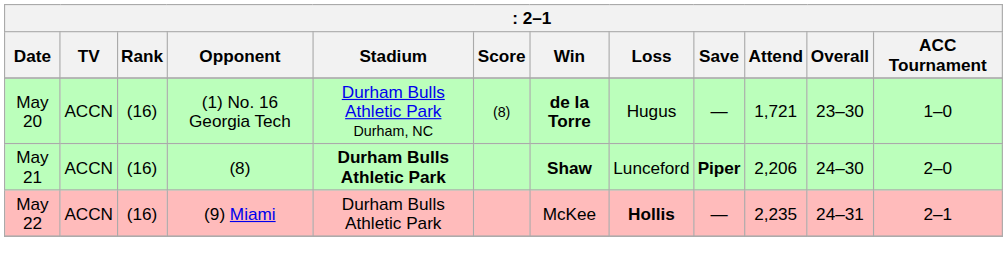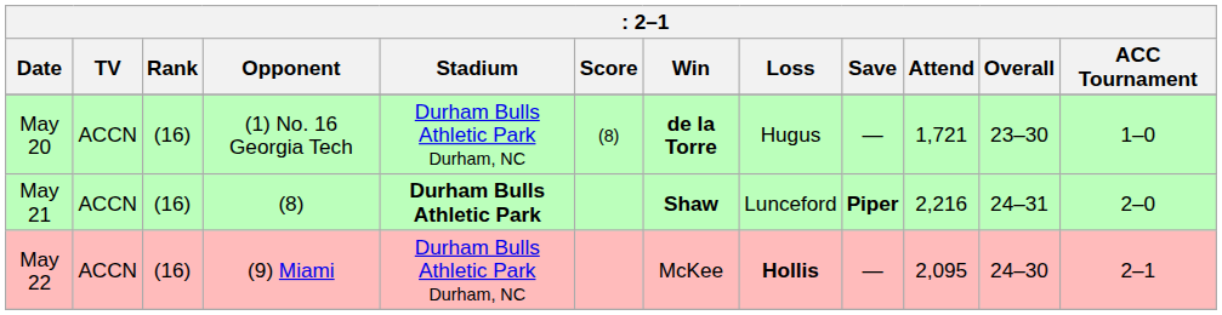 <table class="wikitable collapsible" style="margin:auto; width:100%; text-align:center; font-size:95%">
 <tr>
 <th colspan=12 style="padding-left:3.5em;">: 2–1</th>
 </tr>
 <tr>
 <th>Date</th>
 <th>TV</th>
 <th>Rank</th>
 <th>Opponent</th>
 <th>Stadium</th>
 <th>Score</th>
 <th>Win</th>
 <th>Loss</th>
 <th>Save</th>
 <th>Attend</th>
 <th>Overall</th>
 <th>ACC Tournament</th>
 </tr>
 <tr>
 </tr>
 <tr style="background:#bfb">
 <td>May 20</td>
 <td>ACCN</td>
 <td>(16)</td>
 <td>(1) No. 16 Georgia Tech</td>
 <td><a href='#'>Durham Bulls Athletic Park</a><br><small>Durham, NC</small></td>
 <td> <small>(8)</small></td>
 <td><strong>de la Torre</strong></td>
 <td>Hugus</td>
 <td>—</td>
 <td>1,721</td>
 <td>23–30</td>
 <td>1–0</td>
 </tr>
 <tr style="background:#bfb">
 <td>May 21</td>
 <td>ACCN</td>
 <td>(16)</td>
 <td>(8) </td>
 <td><strong>Durham Bulls Athletic Park</strong></td>
 <td></td>
 <td><strong>Shaw</strong></td>
 <td>Lunceford</td>
 <td><strong>Piper</strong></td>
-<td>2,206</td>
-<td>24–30</td>
+<td>2,216</td>
+<td>24–31</td>
 <td>2–0</td>
 </tr>
 <tr style="background:#fbb">
 <td>May 22</td>
 <td>ACCN</td>
 <td>(16)</td>
 <td>(9) <a href='#'>Miami</a></td>
-<td>Durham Bulls Athletic Park</td>
+<td><a href='#'>Durham Bulls Athletic Park</a><br><small>Durham, NC</small></td>
 <td></td>
 <td>McKee</td>
 <td><strong>Hollis</strong></td>
 <td>—</td>
-<td>2,235</td>
-<td>24–31</td>
+<td>2,095</td>
+<td>24–30</td>
 <td>2–1</td>
 </tr>
 <tr>
 </tr>
 </table>
